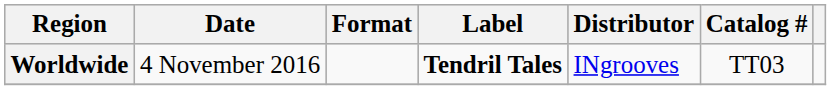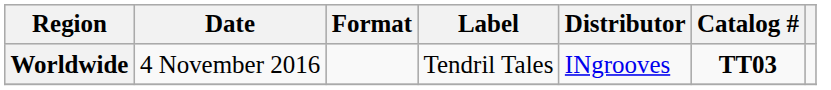 <table class="wikitable plainrowheaders">
 <tr>
 <th scope="col">Region</th>
 <th scope="col">Date</th>
 <th scope="col">Format</th>
 <th scope="col">Label</th>
 <th scope="col">Distributor</th>
 <th scope="col">Catalog #</th>
 <th scope="col"></th>
 </tr>
 <tr>
 <th scope="row">Worldwide</th>
 <td>4 November 2016</td>
 <td></td>
-<td><strong>Tendril Tales</strong></td>
+<td>Tendril Tales</td>
 <td><a href='#'>INgrooves</a></td>
-<td style="text-align:center;">TT03</td>
+<td style="text-align:center;"><strong>TT03</strong></td>
 <td></td>
 </tr>
 <tr>
 </tr>
 </table>
